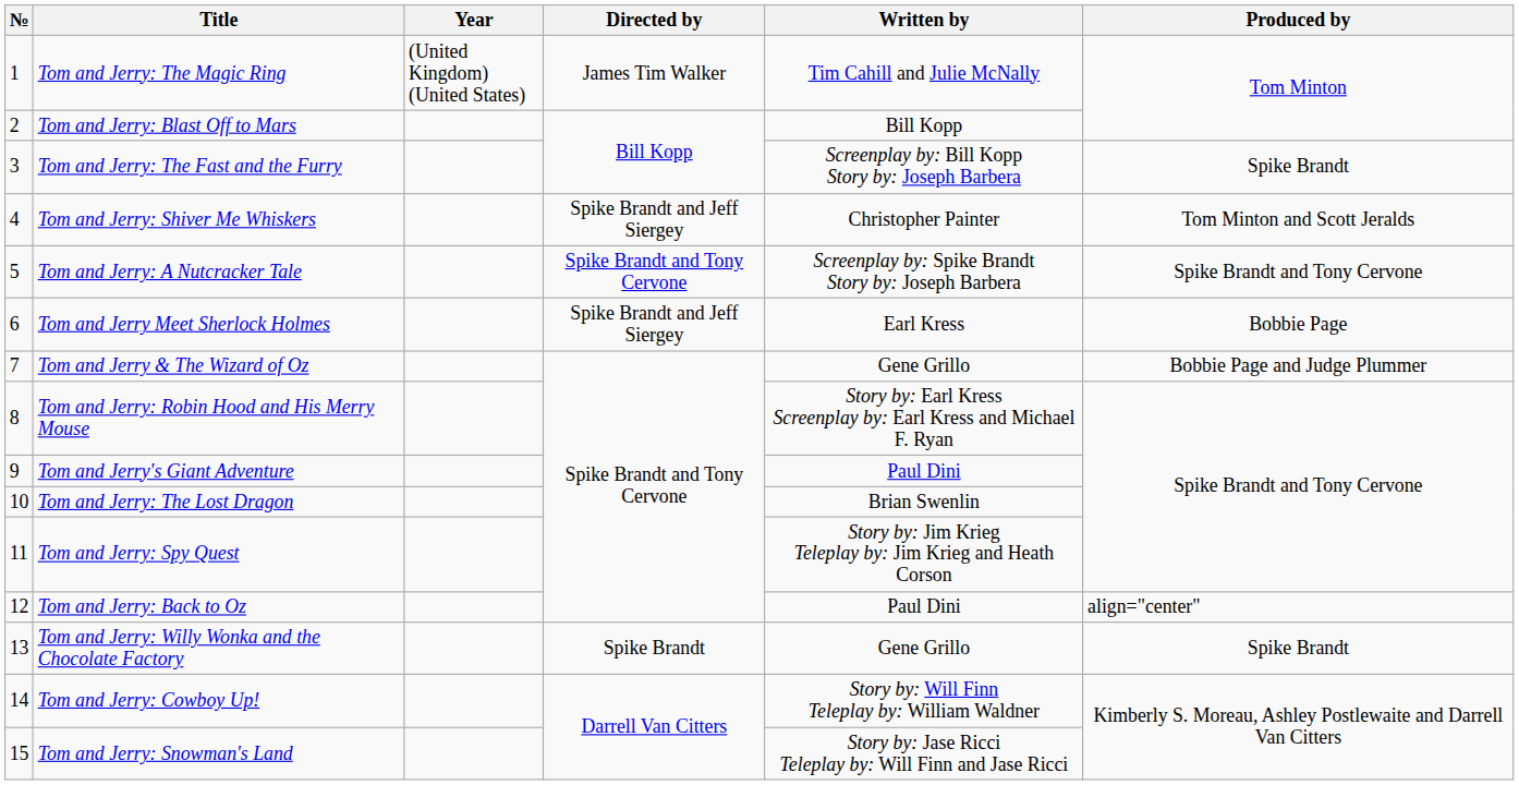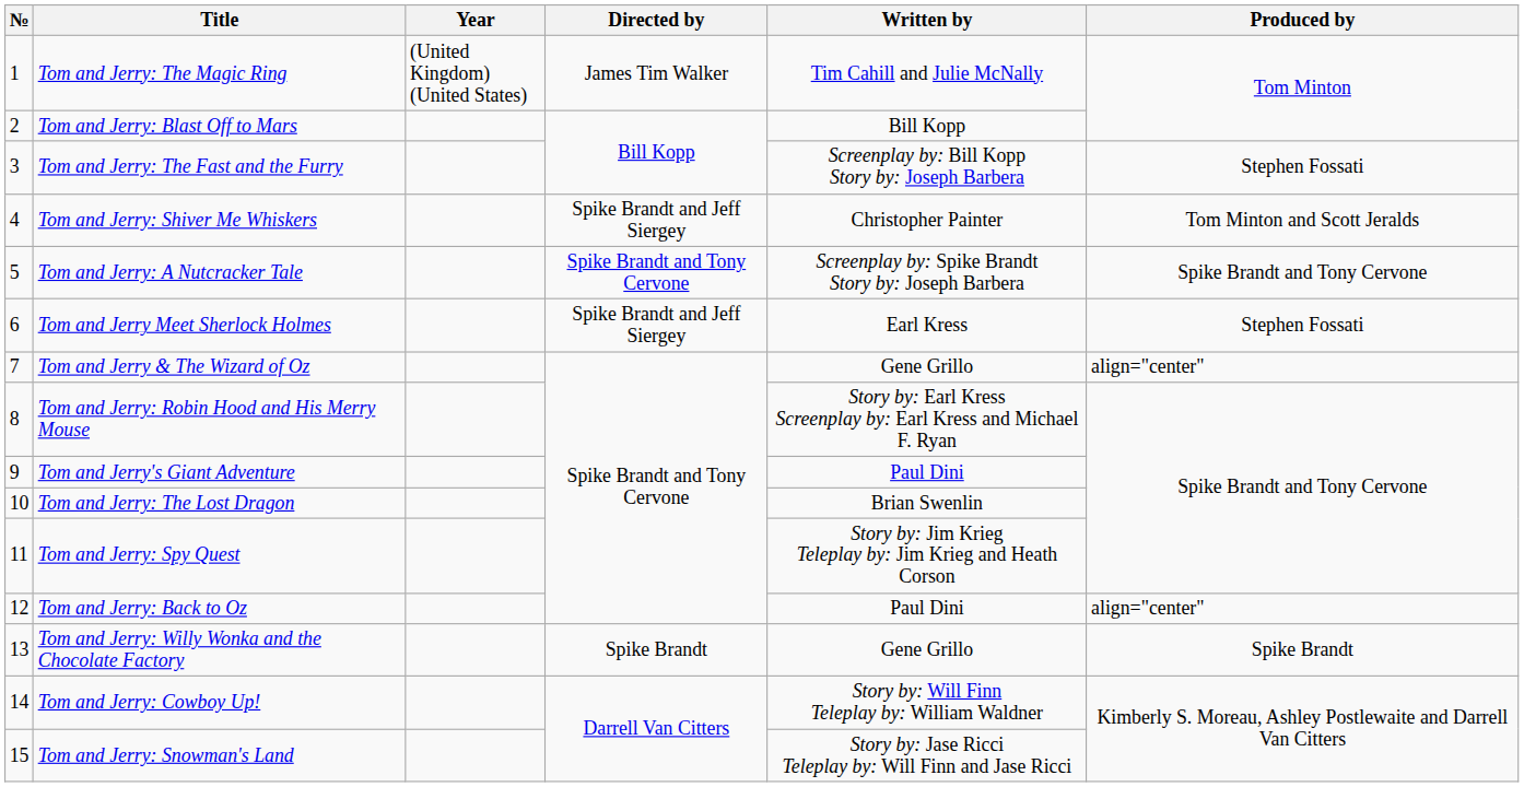 <table class="wikitable">
 <tr>
 <th style="width:1em">№</th>
 <th>Title</th>
 <th>Year</th>
 <th>Directed by</th>
 <th>Written by</th>
 <th>Produced by</th>
 </tr>
 <tr>
 <td>1</td>
 <td><em><a href='#'>Tom and Jerry: The Magic Ring</a></em></td>
 <td> (United Kingdom)<br> (United States)</td>
 <td align="center">James Tim Walker</td>
 <td align="center"><a href='#'>Tim Cahill</a> and <a href='#'>Julie McNally</a></td>
 <td align="center" rowspan="2"><a href='#'>Tom Minton</a></td>
 </tr>
 <tr>
 <td>2</td>
 <td><em><a href='#'>Tom and Jerry: Blast Off to Mars</a></em></td>
 <td></td>
 <td align="center" rowspan="2"><a href='#'>Bill Kopp</a></td>
 <td align="center">Bill Kopp</td>
 </tr>
 <tr>
 <td>3</td>
 <td><em><a href='#'>Tom and Jerry: The Fast and the Furry</a></em></td>
 <td></td>
 <td align="center"><em>Screenplay by:</em> Bill Kopp<br><em>Story by:</em> <a href='#'>Joseph Barbera</a></td>
-<td align="center">Spike Brandt</td>
+<td align="center">Stephen Fossati</td>
 </tr>
 <tr>
 <td>4</td>
 <td><em><a href='#'>Tom and Jerry: Shiver Me Whiskers</a></em></td>
 <td></td>
 <td align="center">Spike Brandt and Jeff Siergey</td>
 <td align="center">Christopher Painter</td>
 <td align="center">Tom Minton and Scott Jeralds</td>
 </tr>
 <tr>
 <td>5</td>
 <td><em><a href='#'>Tom and Jerry: A Nutcracker Tale</a></em></td>
 <td></td>
 <td align="center"><a href='#'>Spike Brandt and Tony Cervone</a></td>
 <td align="center"><em>Screenplay by:</em> Spike Brandt<br><em>Story by:</em> Joseph Barbera</td>
 <td align="center">Spike Brandt and Tony Cervone</td>
 </tr>
 <tr>
 <td>6</td>
 <td><em><a href='#'>Tom and Jerry Meet Sherlock Holmes</a></em></td>
 <td></td>
 <td align="center">Spike Brandt and Jeff Siergey</td>
 <td align="center">Earl Kress</td>
-<td align="center">Bobbie Page</td>
+<td align="center">Stephen Fossati</td>
 </tr>
 <tr>
 <td>7</td>
 <td><em><a href='#'>Tom and Jerry & The Wizard of Oz</a></em></td>
 <td></td>
 <td align="center" rowspan="6">Spike Brandt and Tony Cervone</td>
 <td align="center">Gene Grillo</td>
-<td align="center">Bobbie Page and Judge Plummer</td>
+<td>align="center" </td>
 </tr>
 <tr>
 <td>8</td>
 <td><em><a href='#'>Tom and Jerry: Robin Hood and His Merry Mouse</a></em></td>
 <td></td>
 <td align="center"><em>Story by:</em> Earl Kress<br><em>Screenplay by:</em> Earl Kress and Michael F. Ryan</td>
 <td align="center" rowspan="4">Spike Brandt and Tony Cervone</td>
 </tr>
 <tr>
 <td>9</td>
 <td><em><a href='#'>Tom and Jerry's Giant Adventure</a></em></td>
 <td></td>
 <td align="center"><a href='#'>Paul Dini</a></td>
 </tr>
 <tr>
 <td>10</td>
 <td><em><a href='#'>Tom and Jerry: The Lost Dragon</a></em></td>
 <td></td>
 <td align="center">Brian Swenlin</td>
 </tr>
 <tr>
 <td>11</td>
 <td><em><a href='#'>Tom and Jerry: Spy Quest</a></em></td>
 <td></td>
 <td align="center"><em>Story by:</em> Jim Krieg<br><em>Teleplay by:</em> Jim Krieg and Heath Corson</td>
 </tr>
 <tr>
 <td>12</td>
 <td><em><a href='#'>Tom and Jerry: Back to Oz</a></em></td>
 <td></td>
 <td align="center">Paul Dini</td>
 <td>align="center" </td>
 </tr>
 <tr>
 <td>13</td>
 <td><em><a href='#'>Tom and Jerry: Willy Wonka and the Chocolate Factory</a></em></td>
 <td></td>
 <td align="center">Spike Brandt</td>
 <td align="center">Gene Grillo</td>
 <td align="center">Spike Brandt</td>
 </tr>
 <tr>
 <td>14</td>
 <td><em><a href='#'>Tom and Jerry: Cowboy Up!</a></em></td>
 <td></td>
 <td align="center" rowspan="2"><a href='#'>Darrell Van Citters</a></td>
 <td align="center"><em>Story by:</em> <a href='#'>Will Finn</a><br><em>Teleplay by:</em> William Waldner</td>
 <td align="center" rowspan="2">Kimberly S. Moreau, Ashley Postlewaite and Darrell Van Citters</td>
 </tr>
 <tr>
 <td>15</td>
 <td><em><a href='#'>Tom and Jerry: Snowman's Land</a></em></td>
 <td></td>
 <td align="center"><em>Story by:</em> Jase Ricci<br><em>Teleplay by:</em> Will Finn and Jase Ricci</td>
 </tr>
 </table>
